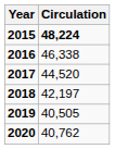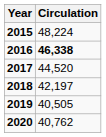 <table class="wikitable">
 <tr>
 <th>Year</th>
 <th>Circulation</th>
 </tr>
 <tr>
 <td><strong>2015</strong></td>
-<td><strong>48,224</strong></td>
+<td>48,224</td>
 </tr>
 <tr>
 <td><strong>2016</strong></td>
-<td>46,338</td>
+<td><strong>46,338</strong></td>
 </tr>
 <tr>
 <td><strong>2017</strong></td>
 <td>44,520</td>
 </tr>
 <tr>
 <td><strong>2018</strong></td>
 <td>42,197</td>
 </tr>
 <tr>
 <td><strong>2019</strong></td>
 <td>40,505</td>
 </tr>
 <tr>
 <td><strong>2020</strong></td>
 <td>40,762</td>
 </tr>
 </table>
